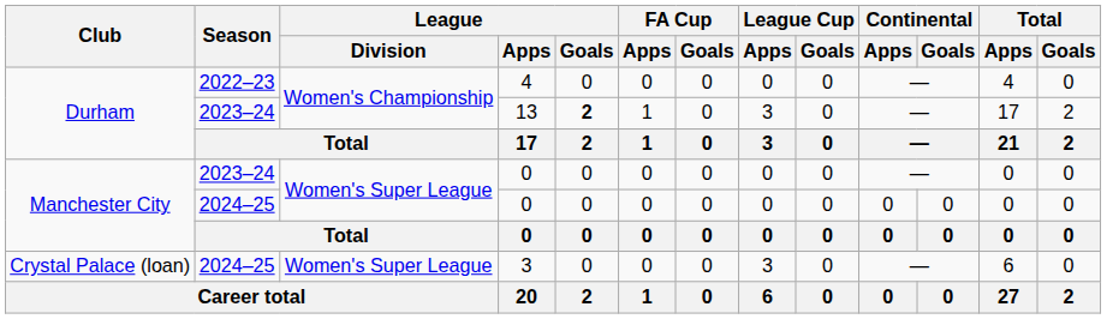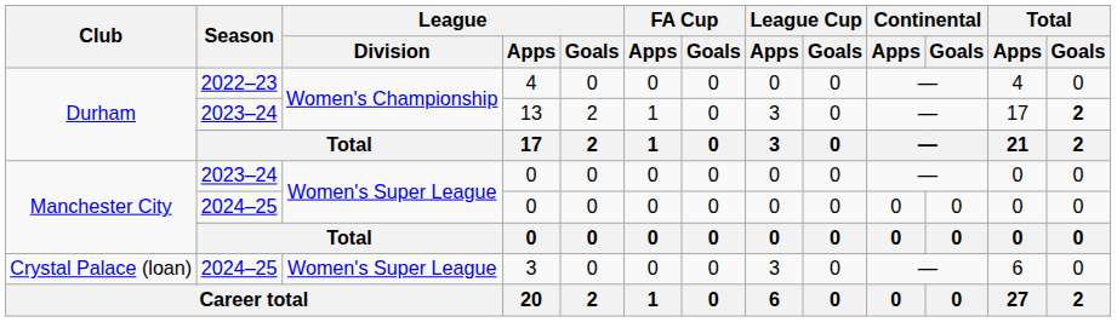 <table class="wikitable" style="text-align:center">
 <tr>
 <th rowspan="2">Club</th>
 <th rowspan="2">Season</th>
 <th colspan="3">League</th>
 <th colspan="2">FA Cup</th>
 <th colspan="2">League Cup</th>
 <th colspan="2">Continental</th>
 <th colspan="2">Total</th>
 </tr>
 <tr>
 <th>Division</th>
 <th>Apps</th>
 <th>Goals</th>
 <th>Apps</th>
 <th>Goals</th>
 <th>Apps</th>
 <th>Goals</th>
 <th>Apps</th>
 <th>Goals</th>
 <th>Apps</th>
 <th>Goals</th>
 </tr>
 <tr>
 <td rowspan="3"><a href='#'>Durham</a></td>
 <td><a href='#'>2022–23</a></td>
 <td rowspan="2"><a href='#'>Women's Championship</a></td>
 <td>4</td>
 <td>0</td>
 <td>0</td>
 <td>0</td>
 <td>0</td>
 <td>0</td>
 <td colspan=2>—</td>
 <td>4</td>
 <td>0</td>
 </tr>
 <tr>
 <td><a href='#'>2023–24</a></td>
 <td>13</td>
-<td><strong>2</strong></td>
+<td>2</td>
 <td>1</td>
 <td>0</td>
 <td>3</td>
 <td>0</td>
 <td colspan=2>—</td>
 <td>17</td>
-<td>2</td>
+<td><strong>2</strong></td>
 </tr>
 <tr>
 <th colspan="2">Total</th>
 <th>17</th>
 <th>2</th>
 <th>1</th>
 <th>0</th>
 <th>3</th>
 <th>0</th>
 <th colspan=2>—</th>
 <th>21</th>
 <th>2</th>
 </tr>
 <tr>
 <td rowspan="3"><a href='#'>Manchester City</a></td>
 <td><a href='#'>2023–24</a></td>
 <td rowspan="2"><a href='#'>Women's Super League</a></td>
 <td>0</td>
 <td>0</td>
 <td>0</td>
 <td>0</td>
 <td>0</td>
 <td>0</td>
 <td colspan=2>—</td>
 <td>0</td>
 <td>0</td>
 </tr>
 <tr>
 <td><a href='#'>2024–25</a></td>
 <td>0</td>
 <td>0</td>
 <td>0</td>
 <td>0</td>
 <td>0</td>
 <td>0</td>
 <td>0</td>
 <td>0</td>
 <td>0</td>
 <td>0</td>
 </tr>
 <tr>
 <th colspan="2">Total</th>
 <th>0</th>
 <th>0</th>
 <th>0</th>
 <th>0</th>
 <th>0</th>
 <th>0</th>
 <th>0</th>
 <th>0</th>
 <th>0</th>
 <th>0</th>
 </tr>
 <tr>
 <td><a href='#'>Crystal Palace</a> (loan)</td>
 <td><a href='#'>2024–25</a></td>
 <td><a href='#'>Women's Super League</a></td>
 <td>3</td>
 <td>0</td>
 <td>0</td>
 <td>0</td>
 <td>3</td>
 <td>0</td>
 <td colspan=2>—</td>
 <td>6</td>
 <td>0</td>
 </tr>
 <tr>
 <th colspan="3">Career total</th>
 <th>20</th>
 <th>2</th>
 <th>1</th>
 <th>0</th>
 <th>6</th>
 <th>0</th>
 <th>0</th>
 <th>0</th>
 <th>27</th>
 <th>2</th>
 </tr>
 </table>
